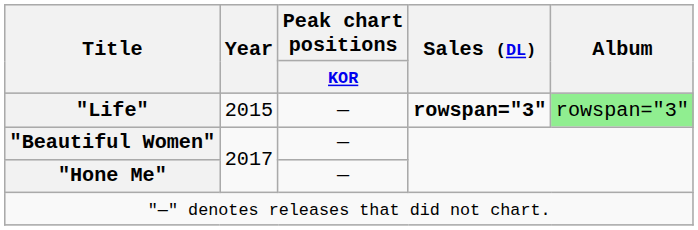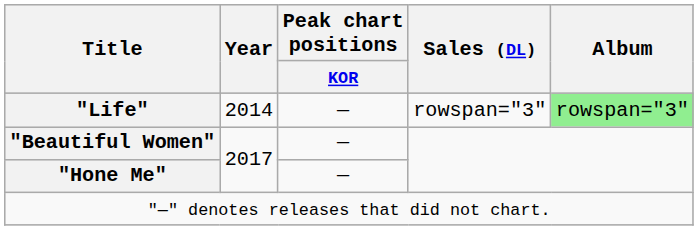 <table class="wikitable plainrowheaders" style="text-align:center;">
 <tr>
 <th scope="col" rowspan="2">Title</th>
 <th scope="col" rowspan="2">Year</th>
 <th scope="col" colspan="1">Peak chart <br> positions</th>
 <th scope="col" rowspan="2">Sales <small>(<a href='#'>DL</a>)</small></th>
 <th scope="col" rowspan="2">Album</th>
 </tr>
 <tr>
 <th><small><a href='#'>KOR</a></small><br></th>
 </tr>
 <tr>
 <th scope="row">"Life"<br></th>
-<td>2015</td>
+<td>2014</td>
 <td>—</td>
-<td><strong>rowspan="3" </strong></td>
+<td>rowspan="3" </td>
 <td style="background: lightgreen;">rowspan="3" </td>
 </tr>
 <tr>
 <th scope="row">"Beautiful Women"</th>
 <td rowspan="2">2017</td>
 <td>—</td>
 </tr>
 <tr>
 <th scope="row">"Hone Me"<br></th>
 <td>—</td>
 </tr>
 <tr>
 <td colspan="5" align="center"><small>"—" denotes releases that did not chart.</small></td>
 </tr>
 </table>
